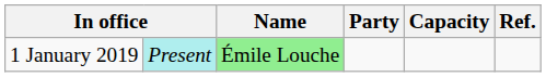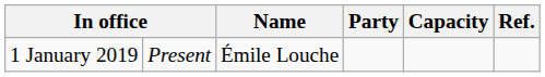 <table class="wikitable">
 <tr>
 <th colspan="2">In office</th>
 <th>Name</th>
 <th>Party</th>
 <th>Capacity</th>
 <th>Ref.</th>
 </tr>
 <tr>
 <td>1 January 2019</td>
-<td style="background: paleturquoise;"><em>Present</em></td>
-<td style="background: lightgreen;">Émile Louche</td>
+<td><em>Present</em></td>
+<td>Émile Louche</td>
 <td></td>
 <td></td>
 <td></td>
 </tr>
 </table>
